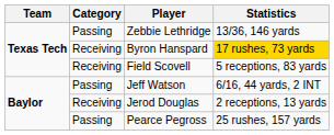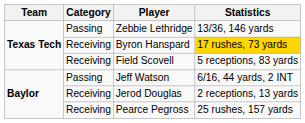 <table class="wikitable" style="float: right;">
 <tr>
 <th>Team</th>
 <th>Category</th>
 <th>Player</th>
 <th>Statistics</th>
 </tr>
 <tr>
 <td rowspan=3><strong>Texas Tech</strong></td>
 <td>Passing</td>
 <td>Zebbie Lethridge</td>
 <td>13/36, 146 yards</td>
 </tr>
 <tr>
 <td>Receiving</td>
 <td>Byron Hanspard</td>
 <td style="background: gold;">17 rushes, 73 yards</td>
 </tr>
 <tr>
 <td>Receiving</td>
 <td>Field Scovell</td>
 <td>5 receptions, 83 yards</td>
 </tr>
 <tr>
 <td rowspan=3><strong>Baylor</strong></td>
 <td>Passing</td>
 <td>Jeff Watson</td>
 <td>6/16, 44 yards, 2 INT</td>
 </tr>
 <tr>
 <td>Receiving</td>
 <td>Jerod Douglas</td>
 <td>2 receptions, 13 yards</td>
 </tr>
 <tr>
-<td>Passing</td>
+<td>Receiving</td>
 <td>Pearce Pegross</td>
 <td>25 rushes, 157 yards</td>
 </tr>
 </table>
